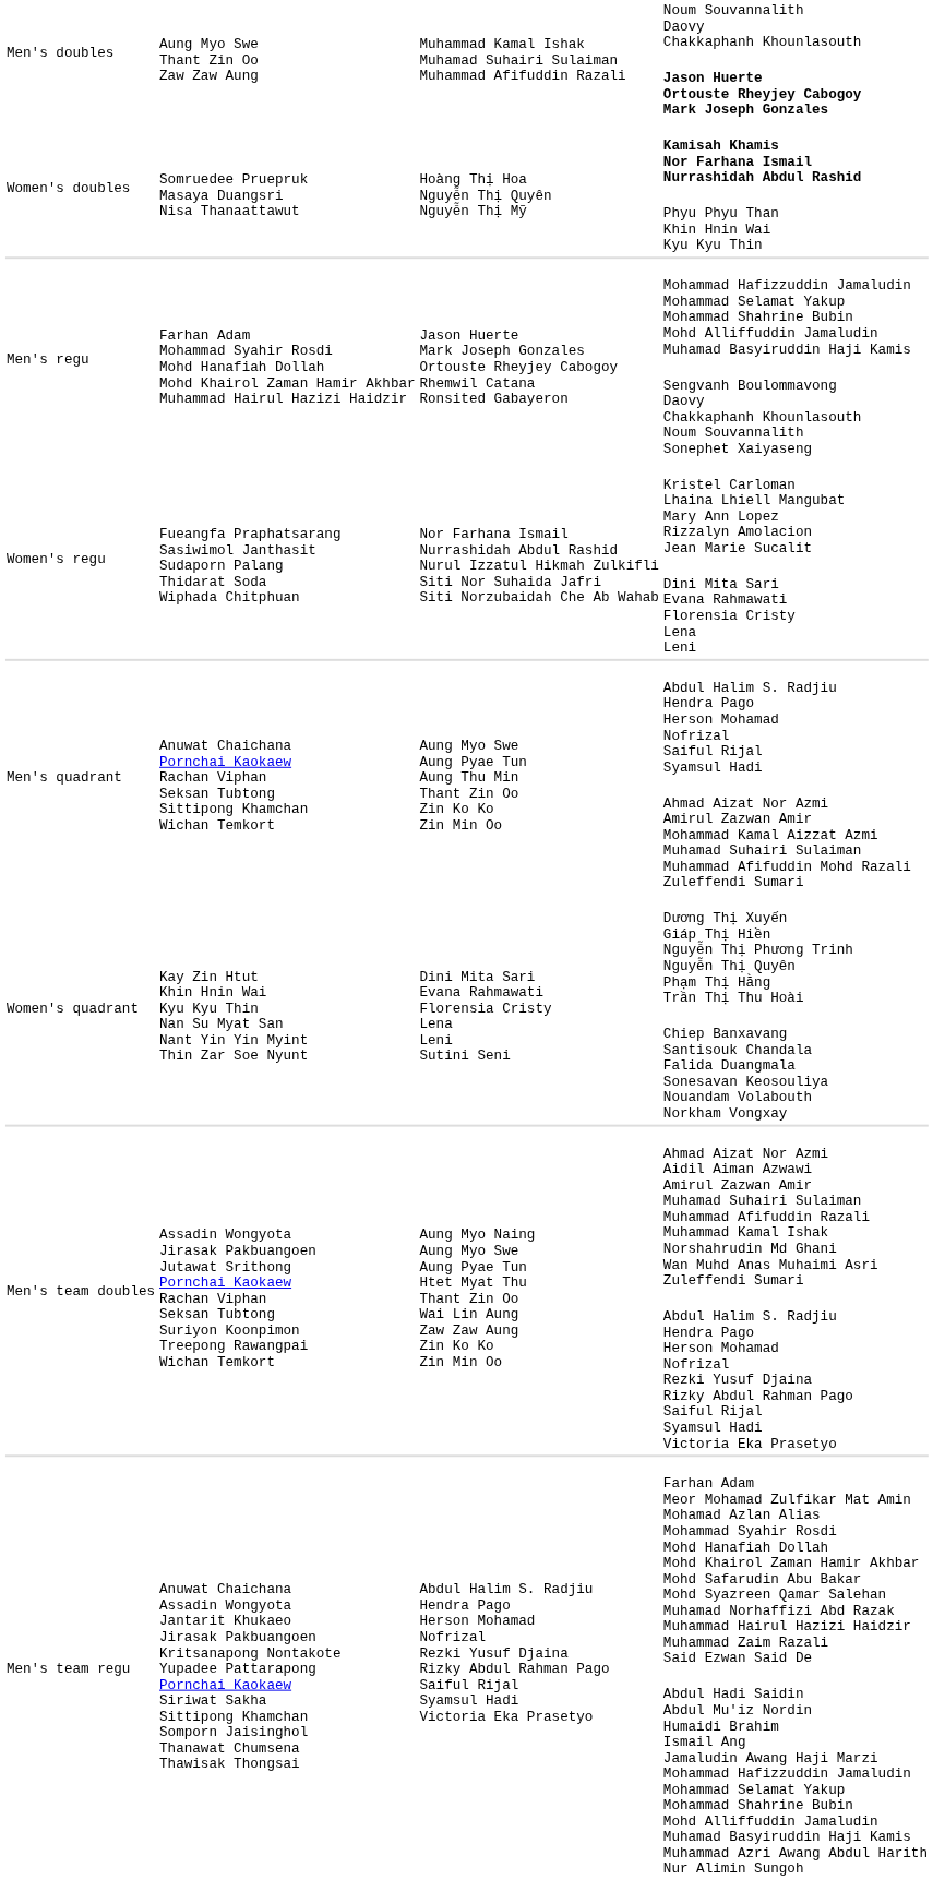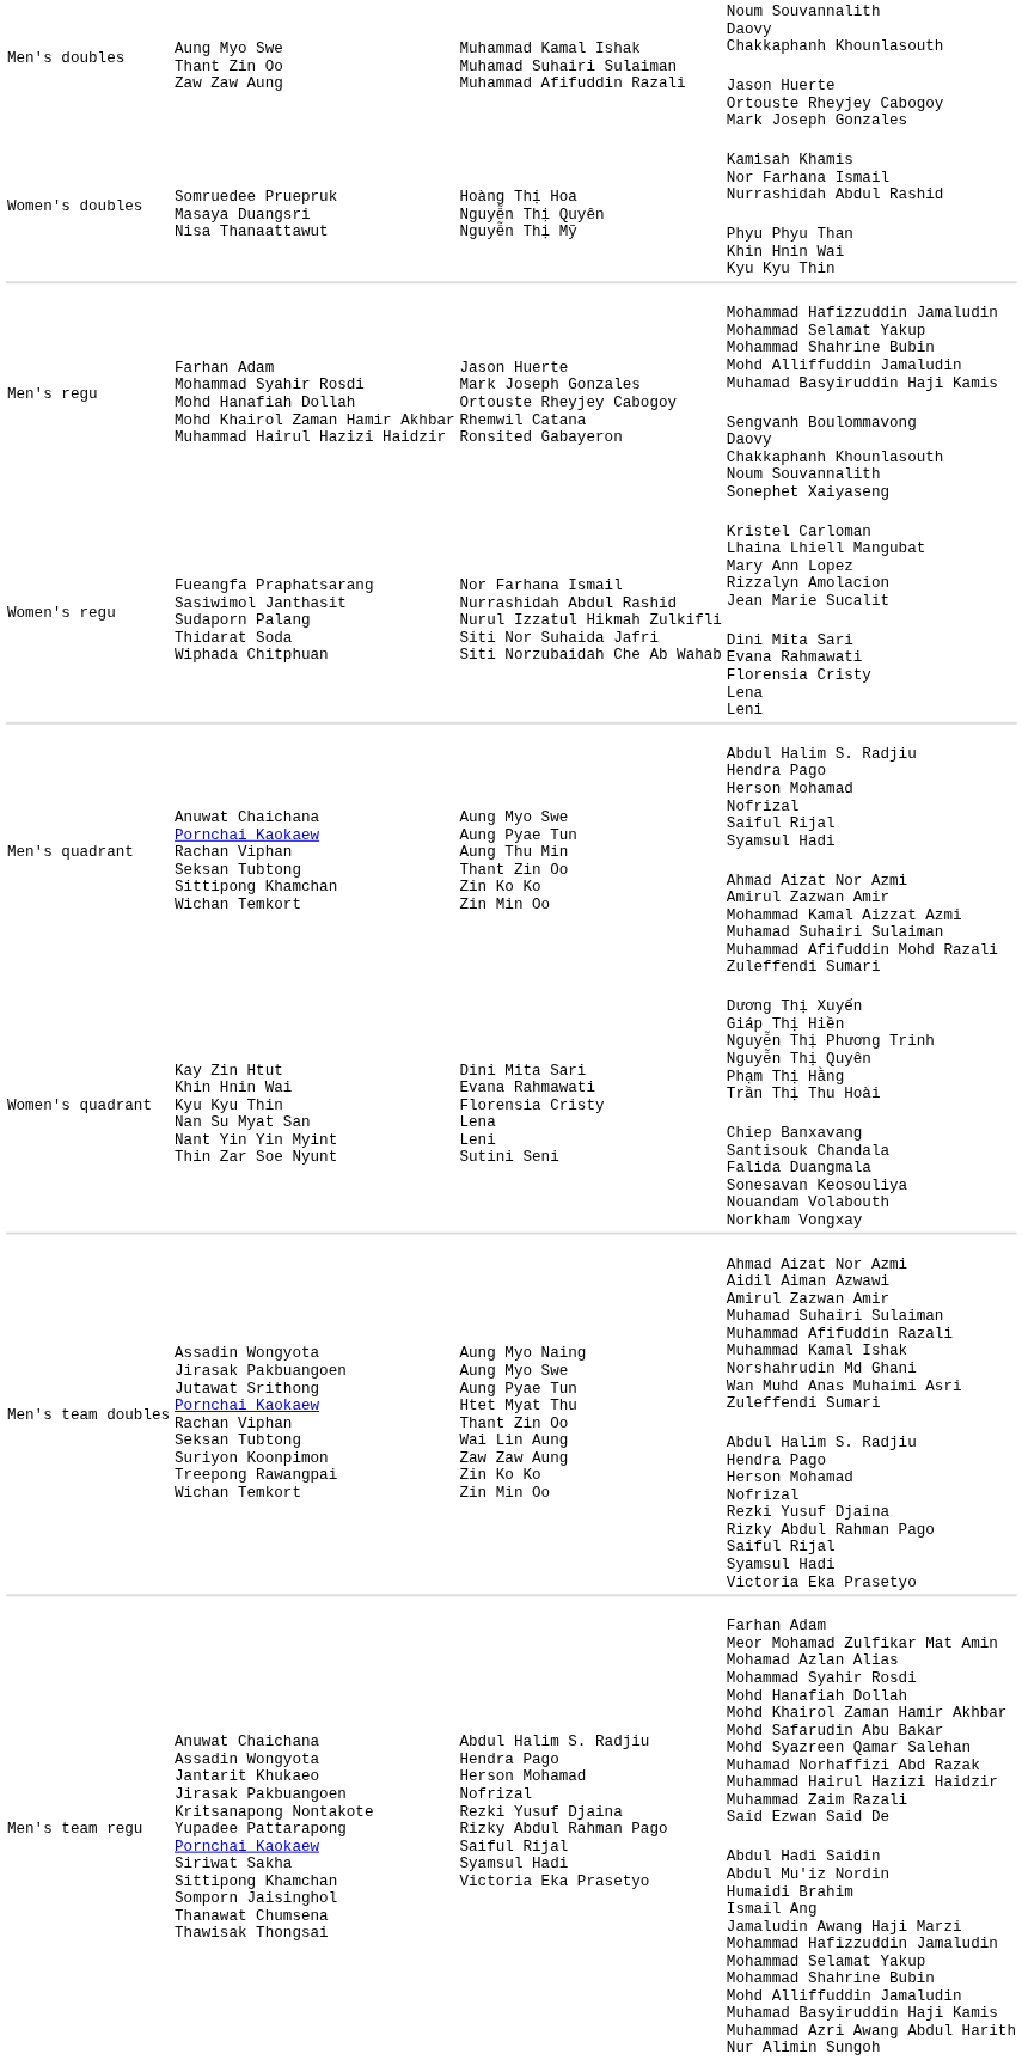 <table>
 <tr>
 <td rowspan=2>Men's doubles<br></td>
 <td rowspan=2><br>Aung Myo Swe<br>Thant Zin Oo<br>Zaw Zaw Aung</td>
 <td rowspan=2><br>Muhammad Kamal Ishak<br>Muhamad Suhairi Sulaiman<br>Muhammad Afifuddin Razali</td>
 <td><br>Noum Souvannalith<br>Daovy<br>Chakkaphanh Khounlasouth</td>
 </tr>
 <tr>
-<td><strong><br>Jason Huerte<br>Ortouste Rheyjey Cabogoy<br>Mark Joseph Gonzales</strong></td>
+<td><br>Jason Huerte<br>Ortouste Rheyjey Cabogoy<br>Mark Joseph Gonzales</td>
 </tr>
 <tr>
 <td rowspan=2>Women's doubles<br></td>
 <td rowspan=2><br>Somruedee Pruepruk<br>Masaya Duangsri<br>Nisa Thanaattawut</td>
 <td rowspan=2><br>Hoàng Thị Hoa<br>Nguyễn Thị Quyên<br>Nguyễn Thị Mỹ</td>
-<td><strong><br>Kamisah Khamis<br>Nor Farhana Ismail<br>Nurrashidah Abdul Rashid</strong></td>
+<td><br>Kamisah Khamis<br>Nor Farhana Ismail<br>Nurrashidah Abdul Rashid</td>
 </tr>
 <tr>
 <td><br>Phyu Phyu Than<br>Khin Hnin Wai<br>Kyu Kyu Thin</td>
 </tr>
 <tr style="background:#dddddd;">
 <td colspan=7></td>
 </tr>
 <tr>
 <td rowspan=2>Men's regu<br></td>
 <td nowrap=true rowspan=2><br>Farhan Adam<br>Mohammad Syahir Rosdi<br>Mohd Hanafiah Dollah<br>Mohd Khairol Zaman Hamir Akhbar<br>Muhammad Hairul Hazizi Haidzir</td>
 <td rowspan=2><br>Jason Huerte<br>Mark Joseph Gonzales<br>Ortouste Rheyjey Cabogoy<br>Rhemwil Catana<br>Ronsited Gabayeron</td>
 <td><br>Mohammad Hafizzuddin Jamaludin<br>Mohammad Selamat Yakup<br>Mohammad Shahrine Bubin<br>Mohd Alliffuddin Jamaludin<br>Muhamad Basyiruddin Haji Kamis</td>
 </tr>
 <tr>
 <td><br>Sengvanh Boulommavong<br>Daovy<br>Chakkaphanh Khounlasouth<br>Noum Souvannalith<br>Sonephet Xaiyaseng</td>
 </tr>
 <tr>
 <td rowspan=2>Women's regu<br></td>
 <td rowspan=2><br>Fueangfa Praphatsarang<br>Sasiwimol Janthasit<br>Sudaporn Palang<br>Thidarat Soda<br>Wiphada Chitphuan</td>
 <td nowrap=true rowspan=2><br>Nor Farhana Ismail<br>Nurrashidah Abdul Rashid<br>Nurul Izzatul Hikmah Zulkifli<br>Siti Nor Suhaida Jafri<br>Siti Norzubaidah Che Ab Wahab</td>
 <td><br>Kristel Carloman<br>Lhaina Lhiell Mangubat<br>Mary Ann Lopez<br>Rizzalyn Amolacion<br>Jean Marie Sucalit</td>
 </tr>
 <tr>
 <td><br>Dini Mita Sari<br>Evana Rahmawati<br>Florensia Cristy<br>Lena<br>Leni</td>
 </tr>
 <tr style="background:#dddddd;">
 <td colspan=7></td>
 </tr>
 <tr>
 <td rowspan=2>Men's quadrant<br></td>
 <td rowspan=2><br>Anuwat Chaichana<br><a href='#'>Pornchai Kaokaew</a><br>Rachan Viphan<br>Seksan Tubtong<br>Sittipong Khamchan<br>Wichan Temkort</td>
 <td rowspan=2><br>Aung Myo Swe<br>Aung Pyae Tun<br>Aung Thu Min<br>Thant Zin Oo<br>Zin Ko Ko<br>Zin Min Oo</td>
 <td><br>Abdul Halim S. Radjiu<br>Hendra Pago<br>Herson Mohamad<br>Nofrizal<br>Saiful Rijal<br>Syamsul Hadi</td>
 </tr>
 <tr>
 <td><br>Ahmad Aizat Nor Azmi<br>Amirul Zazwan Amir<br>Mohammad Kamal Aizzat Azmi<br>Muhamad Suhairi Sulaiman<br>Muhammad Afifuddin Mohd Razali<br>Zuleffendi Sumari</td>
 </tr>
 <tr>
 <td rowspan=2>Women's quadrant<br></td>
 <td rowspan=2><br>Kay Zin Htut<br>Khin Hnin Wai<br>Kyu Kyu Thin<br>Nan Su Myat San<br>Nant Yin Yin Myint<br>Thin Zar Soe Nyunt</td>
 <td rowspan=2><br>Dini Mita Sari<br>Evana Rahmawati<br>Florensia Cristy<br>Lena<br>Leni<br>Sutini Seni</td>
 <td><br>Dương Thị Xuyến<br>Giáp Thị Hiền<br>Nguyễn Thị Phương Trinh<br>Nguyễn Thị Quyên<br>Phạm Thị Hằng<br>Trần Thị Thu Hoài</td>
 </tr>
 <tr>
 <td><br>Chiep Banxavang<br>Santisouk Chandala<br>Falida Duangmala<br>Sonesavan Keosouliya<br>Nouandam Volabouth<br>Norkham Vongxay</td>
 </tr>
 <tr style="background:#dddddd;">
 <td colspan=7></td>
 </tr>
 <tr>
 <td rowspan=2>Men's team doubles<br></td>
 <td rowspan=2><br>Assadin Wongyota<br>Jirasak Pakbuangoen<br>Jutawat Srithong<br><a href='#'>Pornchai Kaokaew</a><br>Rachan Viphan<br>Seksan Tubtong<br>Suriyon Koonpimon<br>Treepong Rawangpai<br>Wichan Temkort<br></td>
 <td rowspan=2><br>Aung Myo Naing<br>Aung Myo Swe<br>Aung Pyae Tun<br>Htet Myat Thu<br>Thant Zin Oo<br>Wai Lin Aung<br>Zaw Zaw Aung<br>Zin Ko Ko<br>Zin Min Oo</td>
 <td><br>Ahmad Aizat Nor Azmi<br>Aidil Aiman Azwawi<br>Amirul Zazwan Amir<br>Muhamad Suhairi Sulaiman<br>Muhammad Afifuddin Razali<br>Muhammad Kamal Ishak<br>Norshahrudin Md Ghani<br>Wan Muhd Anas Muhaimi Asri<br>Zuleffendi Sumari</td>
 </tr>
 <tr>
 <td><br>Abdul Halim S. Radjiu<br>Hendra Pago<br>Herson Mohamad<br>Nofrizal<br>Rezki Yusuf Djaina<br>Rizky Abdul Rahman Pago<br>Saiful Rijal<br>Syamsul Hadi<br>Victoria Eka Prasetyo</td>
 </tr>
 <tr style="background:#dddddd;">
 <td colspan=7></td>
 </tr>
 <tr>
 <td rowspan=2>Men's team regu<br></td>
 <td rowspan=2><br>Anuwat Chaichana<br>Assadin Wongyota<br>Jantarit Khukaeo<br>Jirasak Pakbuangoen<br>Kritsanapong Nontakote<br>Yupadee Pattarapong<br><a href='#'>Pornchai Kaokaew</a><br>Siriwat Sakha<br>Sittipong Khamchan<br>Somporn Jaisinghol<br>Thanawat Chumsena<br>Thawisak Thongsai</td>
 <td rowspan=2><br>Abdul Halim S. Radjiu<br>Hendra Pago<br>Herson Mohamad<br>Nofrizal<br>Rezki Yusuf Djaina<br>Rizky Abdul Rahman Pago<br>Saiful Rijal<br>Syamsul Hadi<br>Victoria Eka Prasetyo<br><br><br><br></td>
 <td><br>Farhan Adam<br>Meor Mohamad Zulfikar Mat Amin<br>Mohamad Azlan Alias<br>Mohammad Syahir Rosdi<br>Mohd Hanafiah Dollah<br>Mohd Khairol Zaman Hamir Akhbar<br>Mohd Safarudin Abu Bakar<br>Mohd Syazreen Qamar Salehan<br>Muhamad Norhaffizi Abd Razak<br>Muhammad Hairul Hazizi Haidzir<br>Muhammad Zaim Razali<br>Said Ezwan Said De<br></td>
 </tr>
 <tr>
 <td nowrap=true><br>Abdul Hadi Saidin<br>Abdul Mu'iz Nordin<br>Humaidi Brahim<br>Ismail Ang<br>Jamaludin Awang Haji Marzi<br>Mohammad Hafizzuddin Jamaludin<br>Mohammad Selamat Yakup<br>Mohammad Shahrine Bubin<br>Mohd Alliffuddin Jamaludin<br>Muhamad Basyiruddin Haji Kamis<br>Muhammad Azri Awang Abdul Harith<br>Nur Alimin Sungoh</td>
 </tr>
 </table>
